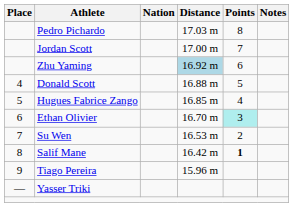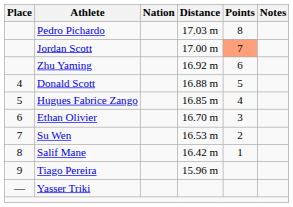 <table class="wikitable mw-datatable sortable" style="text-align:center;">
 <tr>
 <th scope="col">Place</th>
 <th scope="col">Athlete</th>
 <th scope="col">Nation</th>
 <th scope="col">Distance</th>
 <th scope="col">Points</th>
 <th scope="col">Notes</th>
 </tr>
 <tr>
 <td></td>
 <td align="left"><a href='#'>Pedro Pichardo</a></td>
 <td align="left"></td>
 <td>17.03 m </td>
 <td>8</td>
 <td></td>
 </tr>
 <tr>
 <td></td>
 <td align="left"><a href='#'>Jordan Scott</a></td>
 <td align="left"></td>
 <td>17.00 m </td>
-<td>7</td>
+<td style="background: lightsalmon;">7</td>
 <td></td>
 </tr>
 <tr>
 <td></td>
 <td align="left"><a href='#'>Zhu Yaming</a></td>
 <td align="left"></td>
-<td style="background: lightblue;">16.92 m </td>
+<td>16.92 m </td>
 <td>6</td>
 <td></td>
 </tr>
 <tr>
 <td>4</td>
 <td align="left"><a href='#'>Donald Scott</a></td>
 <td align="left"></td>
 <td>16.88 m </td>
 <td>5</td>
 <td></td>
 </tr>
 <tr>
 <td>5</td>
 <td align="left"><a href='#'>Hugues Fabrice Zango</a></td>
 <td align="left"></td>
 <td>16.85 m </td>
 <td>4</td>
 <td></td>
 </tr>
 <tr>
 <td>6</td>
 <td align="left"><a href='#'>Ethan Olivier</a></td>
 <td align="left"></td>
 <td>16.70 m </td>
-<td style="background: paleturquoise;">3</td>
+<td>3</td>
 <td></td>
 </tr>
 <tr>
 <td>7</td>
 <td align="left"><a href='#'>Su Wen</a></td>
 <td align="left"></td>
 <td>16.53 m </td>
 <td>2</td>
 <td></td>
 </tr>
 <tr>
 <td>8</td>
 <td align="left"><a href='#'>Salif Mane</a></td>
 <td align="left"></td>
 <td>16.42 m </td>
-<td><strong>1</strong></td>
+<td>1</td>
 <td></td>
 </tr>
 <tr>
 <td>9</td>
 <td align="left"><a href='#'>Tiago Pereira</a></td>
 <td align="left"></td>
 <td>15.96 m </td>
 <td></td>
 <td></td>
 </tr>
 <tr>
 <td>—</td>
 <td align="left"><a href='#'>Yasser Triki</a></td>
 <td align="left"></td>
 <td></td>
 <td></td>
 <td></td>
 </tr>
 <tr class="sortbottom">
 <td colspan="6"></td>
 </tr>
 </table>
